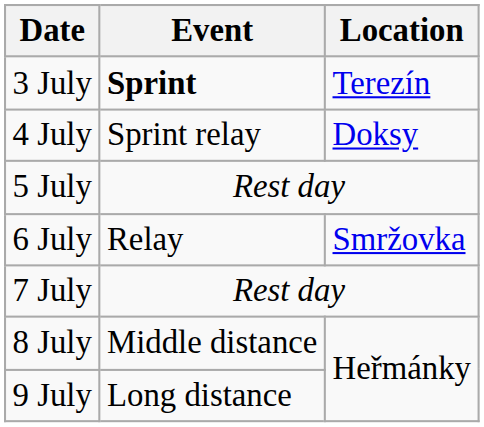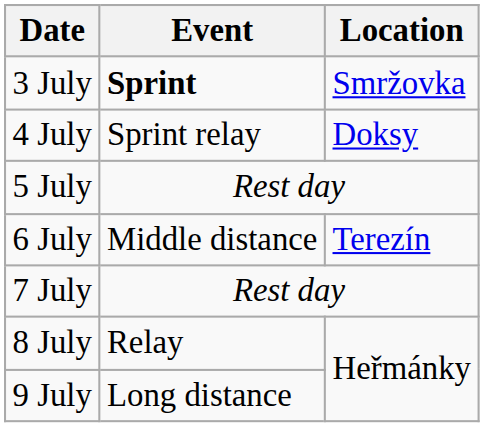 <table class="wikitable">
 <tr>
 <th>Date</th>
 <th>Event</th>
 <th>Location</th>
 </tr>
 <tr>
 <td>3 July</td>
 <td><strong>Sprint</strong></td>
-<td><a href='#'>Terezín</a></td>
+<td><a href='#'>Smržovka</a></td>
 </tr>
 <tr>
 <td>4 July</td>
 <td>Sprint relay</td>
 <td><a href='#'>Doksy</a></td>
 </tr>
 <tr>
 <td>5 July</td>
 <td colspan=2 align=center><em>Rest day</em></td>
 </tr>
 <tr>
 <td>6 July</td>
-<td>Relay</td>
-<td><a href='#'>Smržovka</a></td>
+<td>Middle distance</td>
+<td><a href='#'>Terezín</a></td>
 </tr>
 <tr>
 <td>7 July</td>
 <td colspan=2 align=center><em>Rest day</em></td>
 </tr>
 <tr>
 <td>8 July</td>
-<td>Middle distance</td>
+<td>Relay</td>
 <td rowspan=2>Heřmánky</td>
 </tr>
 <tr>
 <td>9 July</td>
 <td>Long distance</td>
 </tr>
 </table>
